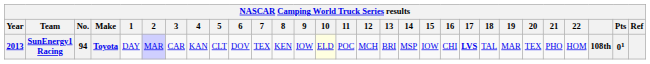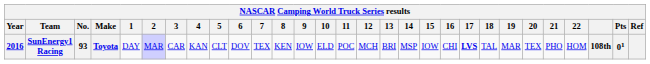 <table class="wikitable" style="text-align:center; font-size:75%">
 <tr>
 <th colspan=45><a href='#'>NASCAR</a> <a href='#'>Camping World Truck Series</a> results</th>
 </tr>
 <tr>
 <th>Year</th>
 <th>Team</th>
 <th>No.</th>
 <th>Make</th>
 <th>1</th>
 <th>2</th>
 <th>3</th>
 <th>4</th>
 <th>5</th>
 <th>6</th>
 <th>7</th>
 <th>8</th>
 <th>9</th>
 <th>10</th>
 <th>11</th>
 <th>12</th>
 <th>13</th>
 <th>14</th>
 <th>15</th>
 <th>16</th>
 <th>17</th>
 <th>18</th>
 <th>19</th>
 <th>20</th>
 <th>21</th>
 <th>22</th>
 <th></th>
 <th>Pts</th>
 <th>Ref</th>
 </tr>
 <tr>
-<th><a href='#'>2013</a></th>
+<th><a href='#'>2016</a></th>
 <th><a href='#'>SunEnergy1 Racing</a></th>
-<th>94</th>
+<th>93</th>
 <th><a href='#'>Toyota</a></th>
 <td><a href='#'>DAY</a></td>
 <td style="background:#CFCFFF"><a href='#'>MAR</a><br></td>
 <td><a href='#'>CAR</a></td>
 <td><a href='#'>KAN</a></td>
 <td><a href='#'>CLT</a></td>
 <td><a href='#'>DOV</a></td>
 <td><a href='#'>TEX</a></td>
 <td><a href='#'>KEN</a></td>
 <td><a href='#'>IOW</a></td>
-<td style="background: lightyellow;"><a href='#'>ELD</a></td>
+<td><a href='#'>ELD</a></td>
 <td><a href='#'>POC</a></td>
 <td><a href='#'>MCH</a></td>
 <td><a href='#'>BRI</a></td>
 <td><a href='#'>MSP</a></td>
 <td><a href='#'>IOW</a></td>
 <td><a href='#'>CHI</a></td>
 <td><strong><a href='#'>LVS</a></strong></td>
 <td><a href='#'>TAL</a></td>
 <td><a href='#'>MAR</a></td>
 <td><a href='#'>TEX</a></td>
 <td><a href='#'>PHO</a></td>
 <td><a href='#'>HOM</a></td>
 <th>108th</th>
 <th>0<sup>1</sup></th>
 <th></th>
 </tr>
 </table>
